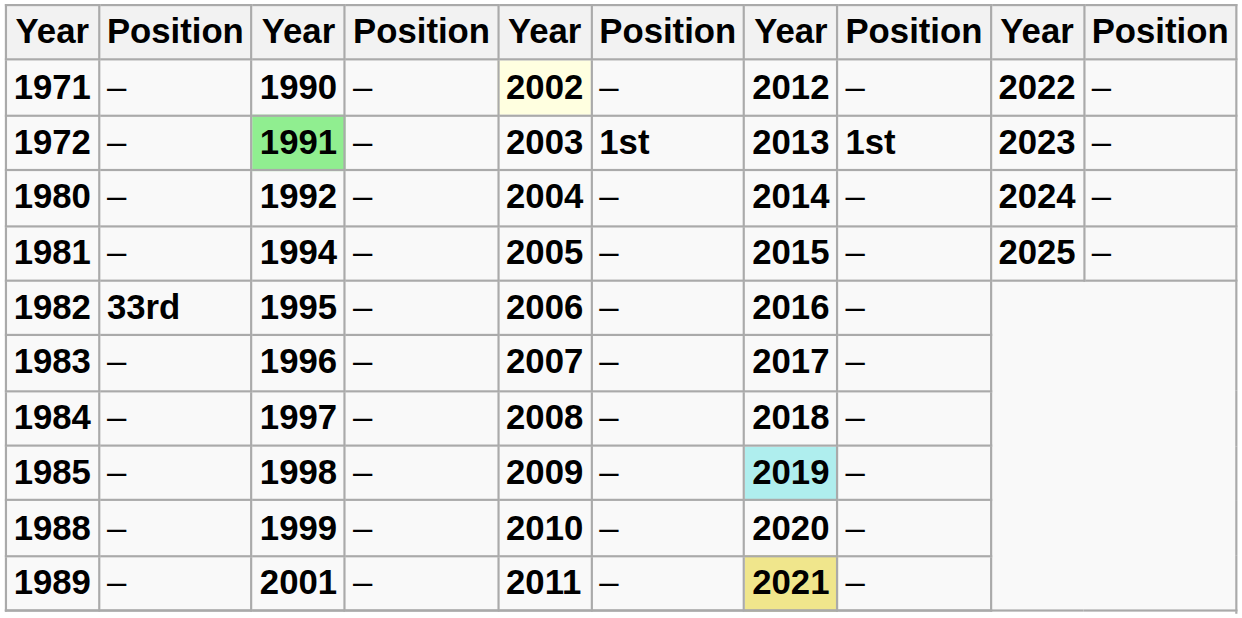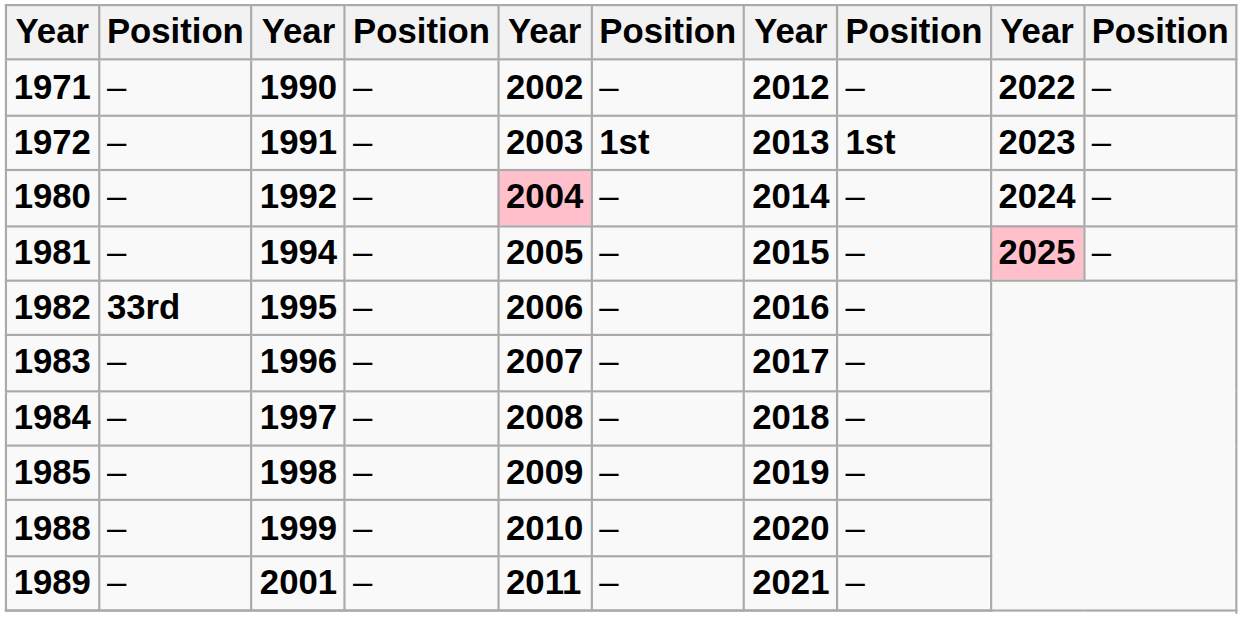 <table class="wikitable" style="margin:1em auto;">
 <tr>
 <th>Year</th>
 <th>Position</th>
 <th>Year</th>
 <th>Position</th>
 <th>Year</th>
 <th>Position</th>
 <th>Year</th>
 <th>Position</th>
 <th>Year</th>
 <th>Position</th>
 </tr>
 <tr>
 <td><strong>1971</strong></td>
 <td>–</td>
 <td><strong>1990</strong></td>
 <td>–</td>
-<td style="background: lightyellow;"><strong>2002</strong></td>
+<td><strong>2002</strong></td>
 <td>–</td>
 <td><strong>2012</strong></td>
 <td>–</td>
 <td><strong>2022</strong></td>
 <td>–</td>
 </tr>
 <tr>
 <td><strong>1972</strong></td>
 <td>–</td>
-<td style="background: lightgreen;"><strong>1991</strong></td>
+<td><strong>1991</strong></td>
 <td>–</td>
 <td><strong>2003</strong></td>
 <td><strong>1st</strong></td>
 <td><strong>2013</strong></td>
 <td><strong>1st</strong></td>
 <td><strong>2023</strong></td>
 <td>–</td>
 </tr>
 <tr>
 <td><strong>1980</strong></td>
 <td>–</td>
 <td><strong>1992</strong></td>
 <td>–</td>
-<td><strong>2004</strong></td>
+<td style="background: pink;"><strong>2004</strong></td>
 <td>–</td>
 <td><strong>2014</strong></td>
 <td>–</td>
 <td><strong>2024</strong></td>
 <td>–</td>
 </tr>
 <tr>
 <td><strong>1981</strong></td>
 <td>–</td>
 <td><strong>1994</strong></td>
 <td>–</td>
 <td><strong>2005</strong></td>
 <td>–</td>
 <td><strong>2015</strong></td>
 <td>–</td>
-<td><strong>2025</strong></td>
+<td style="background: pink;"><strong>2025</strong></td>
 <td>–</td>
 </tr>
 <tr>
 <td><strong>1982</strong></td>
 <td><strong>33rd</strong></td>
 <td><strong>1995</strong></td>
 <td>–</td>
 <td><strong>2006</strong></td>
 <td>–</td>
 <td><strong>2016</strong></td>
 <td>–</td>
 </tr>
 <tr>
 <td><strong>1983</strong></td>
 <td>–</td>
 <td><strong>1996</strong></td>
 <td>–</td>
 <td><strong>2007</strong></td>
 <td>–</td>
 <td><strong>2017</strong></td>
 <td>–</td>
 </tr>
 <tr>
 <td><strong>1984</strong></td>
 <td>–</td>
 <td><strong>1997</strong></td>
 <td>–</td>
 <td><strong>2008</strong></td>
 <td>–</td>
 <td><strong>2018</strong></td>
 <td>–</td>
 </tr>
 <tr>
 <td><strong>1985</strong></td>
 <td>–</td>
 <td><strong>1998</strong></td>
 <td>–</td>
 <td><strong>2009</strong></td>
 <td>–</td>
-<td style="background: paleturquoise;"><strong>2019</strong></td>
+<td><strong>2019</strong></td>
 <td>–</td>
 </tr>
 <tr>
 <td><strong>1988</strong></td>
 <td>–</td>
 <td><strong>1999</strong></td>
 <td>–</td>
 <td><strong>2010</strong></td>
 <td>–</td>
 <td><strong>2020</strong></td>
 <td>–</td>
 </tr>
 <tr>
 <td><strong>1989</strong></td>
 <td>–</td>
 <td><strong>2001</strong></td>
 <td>–</td>
 <td><strong>2011</strong></td>
 <td>–</td>
-<td style="background: khaki;"><strong>2021</strong></td>
+<td><strong>2021</strong></td>
 <td>–</td>
 </tr>
 <tr>
 </tr>
 </table>
